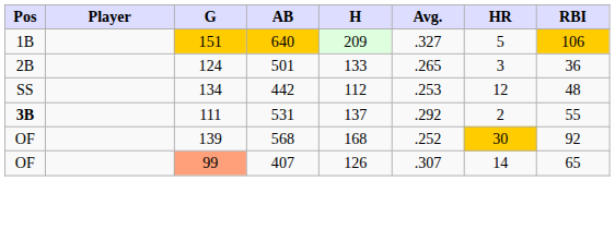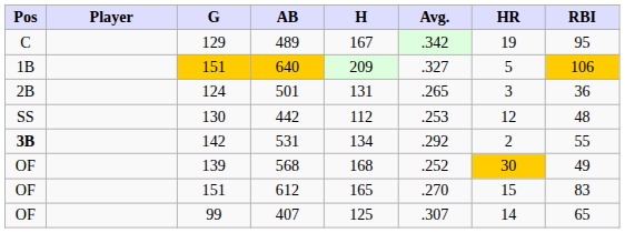 <table class="wikitable sortable">
 <tr>
 <th style="background:#ddf; width:5%;">Pos</th>
 <th style="background:#ddf; width:16%;">Player</th>
 <th style="background:#ddf; width:9%;">G</th>
 <th style="background:#ddf; width:9%;">AB</th>
 <th style="background:#ddf; width:9%;">H</th>
 <th style="background:#ddf; width:9%;">Avg.</th>
 <th style="background:#ddf; width:9%;">HR</th>
 <th style="background:#ddf; width:9%;">RBI</th>
+</tr>
+<tr style="text-align:center;">
+<td>C</td>
+<td></td>
+<td>129</td>
+<td>489</td>
+<td>167</td>
+<td style="background:#DDFFDD;">.342</td>
+<td>19</td>
+<td>95</td>
 </tr>
 <tr style="text-align:center;">
 <td>1B</td>
 <td></td>
 <td style="background:#fc0;">151</td>
 <td style="background:#fc0;">640</td>
 <td style="background:#DDFFDD;">209</td>
 <td>.327</td>
 <td>5</td>
 <td style="background:#fc0;">106</td>
 </tr>
 <tr style="text-align:center;">
 <td>2B</td>
 <td></td>
 <td>124</td>
 <td>501</td>
-<td>133</td>
+<td>131</td>
 <td>.265</td>
 <td>3</td>
 <td>36</td>
 </tr>
 <tr style="text-align:center;">
 <td>SS</td>
 <td></td>
-<td>134</td>
+<td>130</td>
 <td>442</td>
 <td>112</td>
 <td>.253</td>
 <td>12</td>
 <td>48</td>
 </tr>
 <tr style="text-align:center;">
 <td><strong>3B</strong></td>
 <td></td>
-<td>111</td>
+<td>142</td>
 <td>531</td>
-<td>137</td>
+<td>134</td>
 <td>.292</td>
 <td>2</td>
 <td>55</td>
 </tr>
 <tr style="text-align:center;">
 <td>OF</td>
 <td></td>
 <td>139</td>
 <td>568</td>
 <td>168</td>
 <td>.252</td>
 <td style="background:#fc0;">30</td>
-<td>92</td>
+<td>49</td>
 </tr>
 <tr style="text-align:center;">
 <td>OF</td>
 <td></td>
-<td style="background: lightsalmon;">99</td>
+<td>151</td>
+<td>612</td>
+<td>165</td>
+<td>.270</td>
+<td>15</td>
+<td>83</td>
+</tr>
+<tr style="text-align:center;">
+<td>OF</td>
+<td></td>
+<td>99</td>
 <td>407</td>
-<td>126</td>
+<td>125</td>
 <td>.307</td>
 <td>14</td>
 <td>65</td>
 </tr>
 </table>
